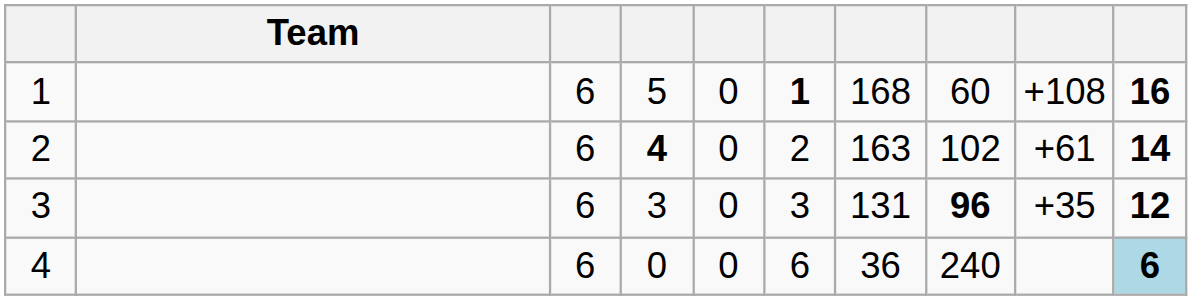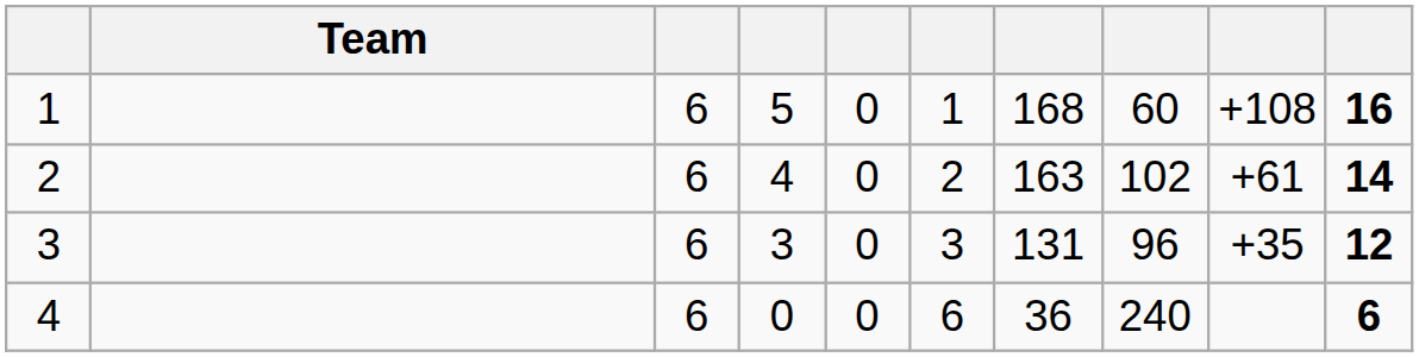 <table class="wikitable" style="text-align:center;">
 <tr>
 <th style="width:1.5em;"></th>
 <th style="width:12.5em">Team</th>
 <th style="width:1.5em;"></th>
 <th style="width:1.5em;"></th>
 <th style="width:1.5em;"></th>
 <th style="width:1.5em;"></th>
 <th style="width:2.0em;"></th>
 <th style="width:2.0em;"></th>
 <th style="width:2.0em;"></th>
 <th style="width:1.5em;"></th>
 </tr>
 <tr>
 <td>1</td>
 <td align="left"></td>
 <td>6</td>
 <td>5</td>
 <td>0</td>
-<td><strong>1</strong></td>
+<td>1</td>
 <td>168</td>
 <td>60</td>
 <td>+108</td>
 <td><strong>16</strong></td>
 </tr>
 <tr>
 <td>2</td>
 <td align="left"></td>
 <td>6</td>
-<td><strong>4</strong></td>
+<td>4</td>
 <td>0</td>
 <td>2</td>
 <td>163</td>
 <td>102</td>
 <td>+61</td>
 <td><strong>14</strong></td>
 </tr>
 <tr>
 <td>3</td>
 <td align="left"></td>
 <td>6</td>
 <td>3</td>
 <td>0</td>
 <td>3</td>
 <td>131</td>
-<td><strong>96</strong></td>
+<td>96</td>
 <td>+35</td>
 <td><strong>12</strong></td>
 </tr>
 <tr>
 <td>4</td>
 <td align=left></td>
 <td>6</td>
 <td>0</td>
 <td>0</td>
 <td>6</td>
 <td>36</td>
 <td>240</td>
 <td></td>
-<td style="background: lightblue;"><strong>6</strong></td>
+<td><strong>6</strong></td>
 </tr>
 </table>
